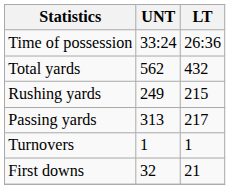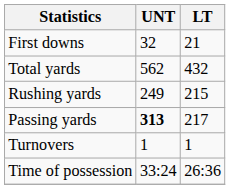 <table class="wikitable">
 <tr>
 <th>Statistics</th>
 <th>UNT</th>
 <th>LT</th>
 </tr>
 <tr>
-<td>Time of possession</td>
-<td>33:24</td>
-<td>26:36</td>
+<td>First downs</td>
+<td>32</td>
+<td>21</td>
 </tr>
 <tr>
 <td>Total yards</td>
 <td>562</td>
 <td>432</td>
 </tr>
 <tr>
 <td>Rushing yards</td>
 <td>249</td>
 <td>215</td>
 </tr>
 <tr>
 <td>Passing yards</td>
-<td>313</td>
+<td><strong>313</strong></td>
 <td>217</td>
 </tr>
 <tr>
 <td>Turnovers</td>
 <td>1</td>
 <td>1</td>
 </tr>
 <tr>
-<td>First downs</td>
-<td>32</td>
-<td>21</td>
+<td>Time of possession</td>
+<td>33:24</td>
+<td>26:36</td>
 </tr>
 <tr>
 </tr>
 </table>
